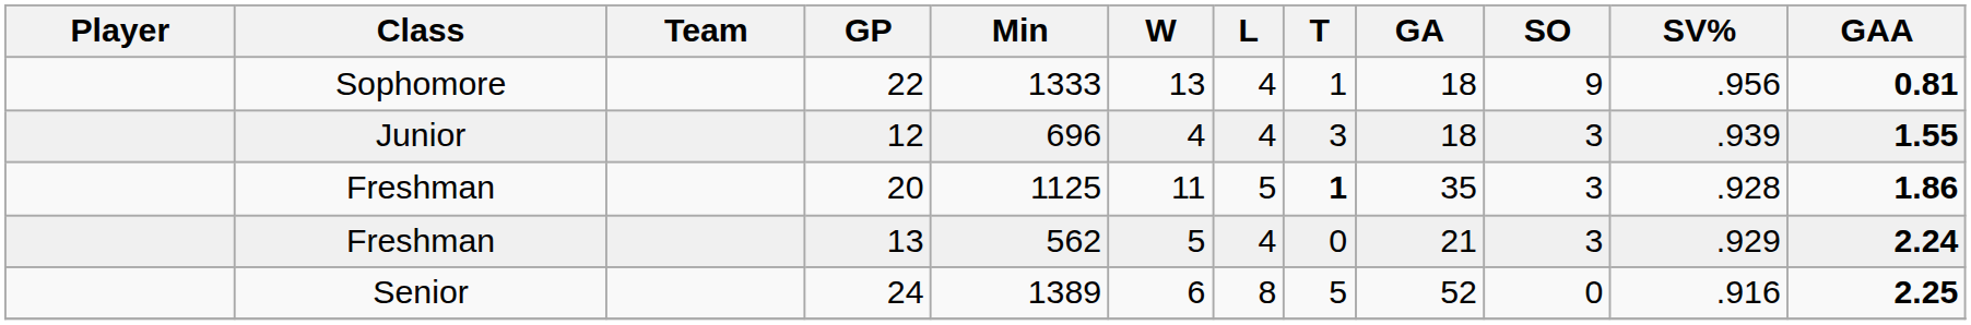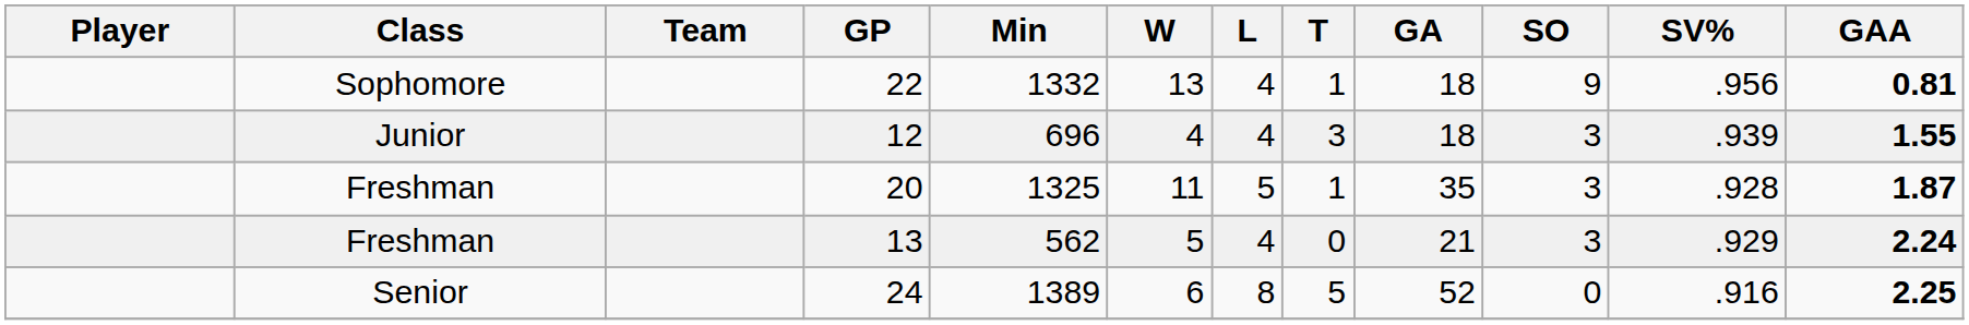 <table class="wikitable sortable" style="text-align: center; "width=60%">
 <tr>
 <th>Player</th>
 <th>Class</th>
 <th>Team</th>
 <th>GP</th>
 <th>Min</th>
 <th>W</th>
 <th>L</th>
 <th>T</th>
 <th>GA</th>
 <th>SO</th>
 <th>SV%</th>
 <th>GAA</th>
 </tr>
 <tr>
 <td align=left></td>
 <td>Sophomore</td>
 <td><strong><a href='#'></a></strong></td>
 <td align=right>22</td>
-<td align=right>1333</td>
+<td align=right>1332</td>
 <td align=right>13</td>
 <td align=right>4</td>
 <td align=right>1</td>
 <td align=right>18</td>
 <td align=right>9</td>
 <td align=right>.956</td>
 <td align=right><strong>0.81</strong></td>
 </tr>
 <tr bgcolor=f0f0f0>
 <td align=left></td>
 <td>Junior</td>
 <td><strong><a href='#'></a></strong></td>
 <td align=right>12</td>
 <td align=right>696</td>
 <td align=right>4</td>
 <td align=right>4</td>
 <td align=right>3</td>
 <td align=right>18</td>
 <td align=right>3</td>
 <td align=right>.939</td>
 <td align=right><strong>1.55</strong></td>
 </tr>
 <tr>
 <td align=left></td>
 <td>Freshman</td>
 <td><strong><a href='#'></a></strong></td>
 <td align=right>20</td>
-<td align=right>1125</td>
+<td align=right>1325</td>
 <td align=right>11</td>
 <td align=right>5</td>
-<td align=right><strong>1</strong></td>
+<td align=right>1</td>
 <td align=right>35</td>
 <td align=right>3</td>
 <td align=right>.928</td>
-<td align=right><strong>1.86</strong></td>
+<td align=right><strong>1.87</strong></td>
 </tr>
 <tr bgcolor=f0f0f0>
 <td align=left></td>
 <td>Freshman</td>
 <td><strong><a href='#'></a></strong></td>
 <td align=right>13</td>
 <td align=right>562</td>
 <td align=right>5</td>
 <td align=right>4</td>
 <td align=right>0</td>
 <td align=right>21</td>
 <td align=right>3</td>
 <td align=right>.929</td>
 <td align=right><strong>2.24</strong></td>
 </tr>
 <tr>
 <td align=left></td>
 <td>Senior</td>
 <td><strong><a href='#'></a></strong></td>
 <td align=right>24</td>
 <td align=right>1389</td>
 <td align=right>6</td>
 <td align=right>8</td>
 <td align=right>5</td>
 <td align=right>52</td>
 <td align=right>0</td>
 <td align=right>.916</td>
 <td align=right><strong>2.25</strong></td>
 </tr>
 <tr>
 </tr>
 </table>
